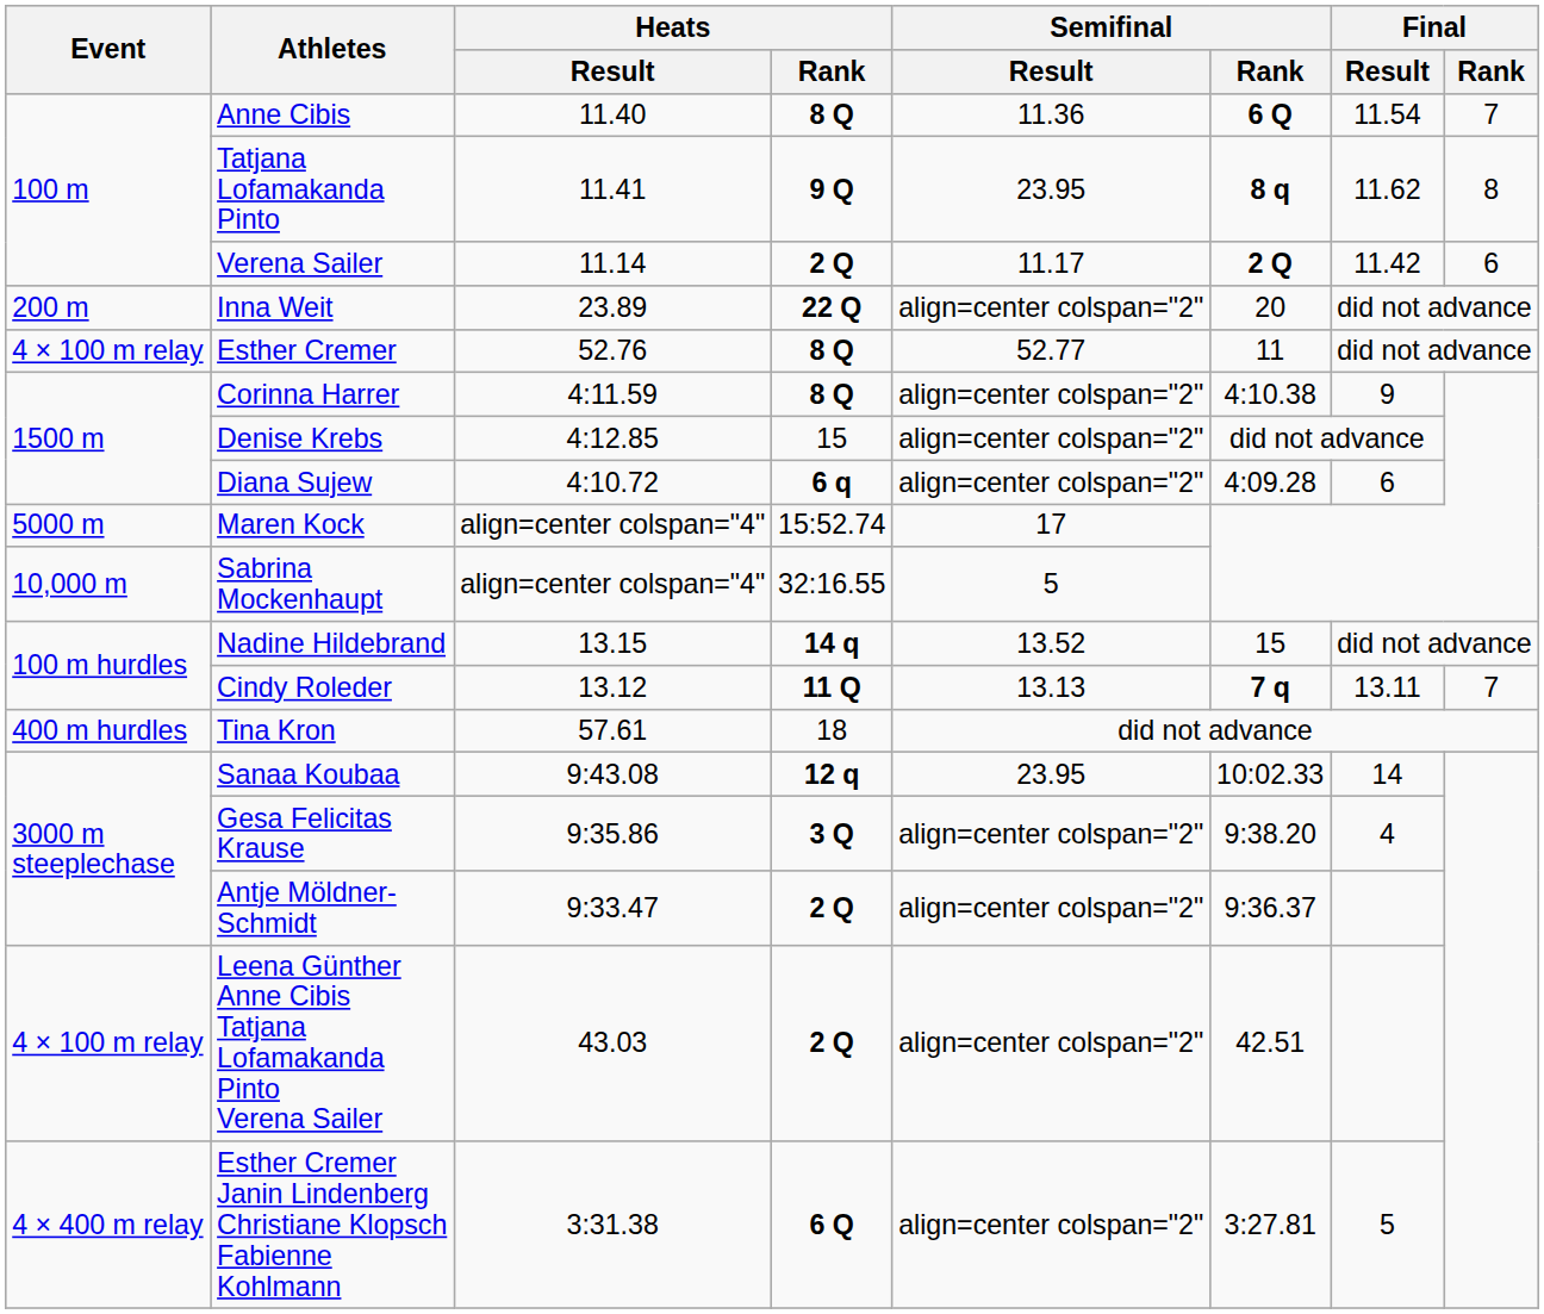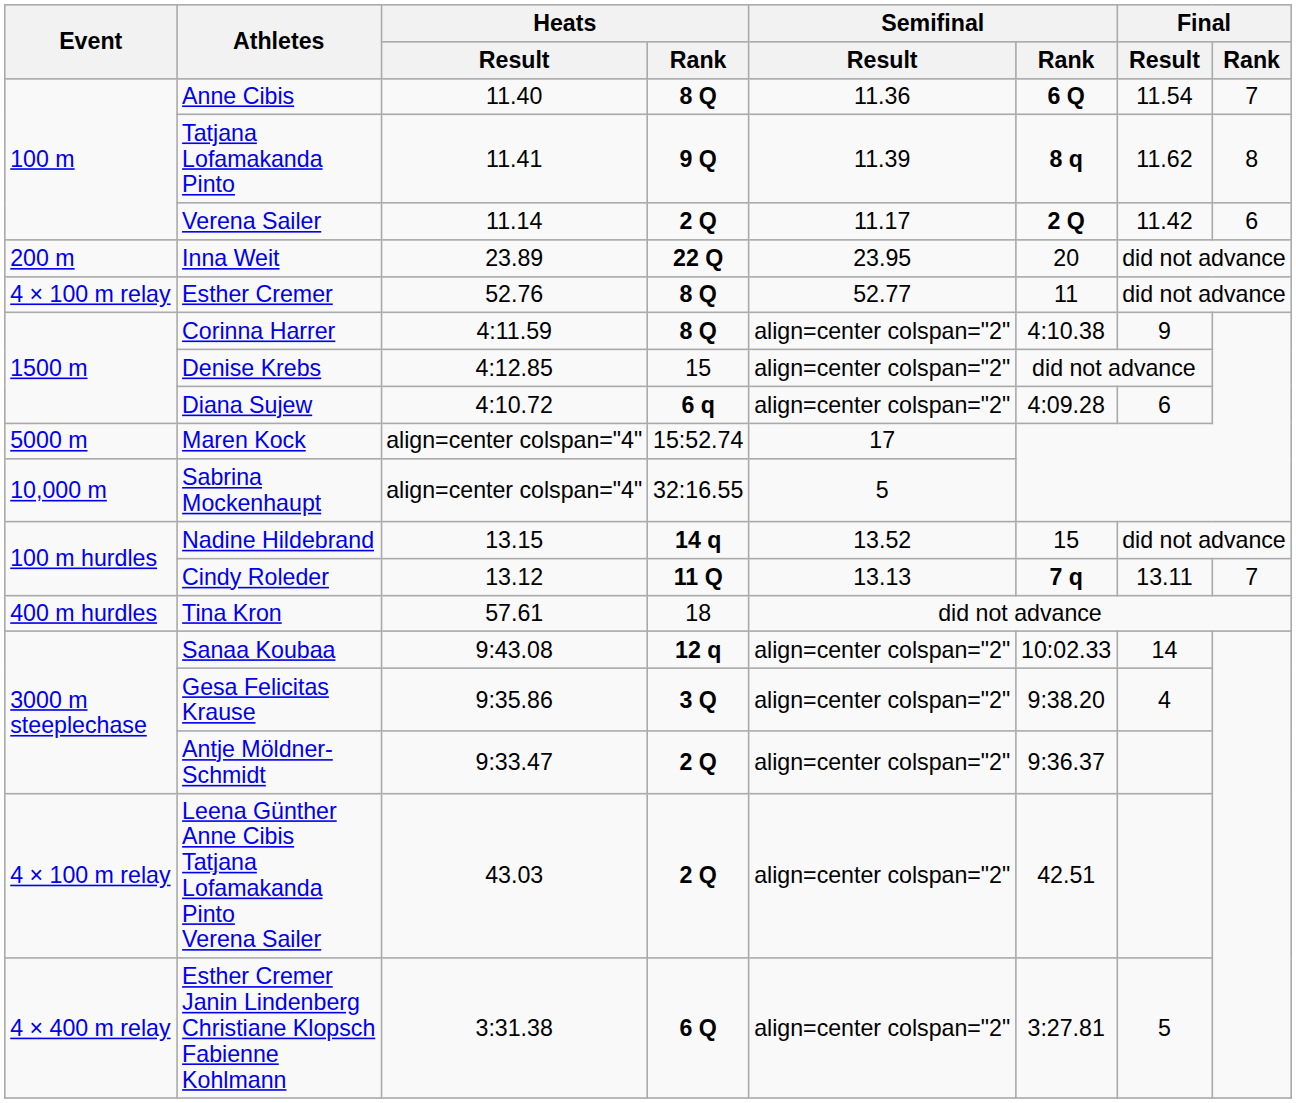 <table class="wikitable" border="1" style="font-size:90%">
 <tr>
 <th rowspan="2" width=100>Event</th>
 <th rowspan="2" width=120>Athletes</th>
 <th colspan="2">Heats</th>
 <th colspan="2">Semifinal</th>
 <th colspan="2">Final</th>
 </tr>
 <tr>
 <th>Result</th>
 <th>Rank</th>
 <th>Result</th>
 <th>Rank</th>
 <th>Result</th>
 <th>Rank</th>
 </tr>
 <tr>
 <td rowspan=3><a href='#'>100 m</a></td>
 <td><a href='#'>Anne Cibis</a></td>
 <td align=center>11.40</td>
 <td align=center><strong>8 Q</strong></td>
 <td align=center>11.36</td>
 <td align=center><strong>6 Q</strong></td>
 <td align=center>11.54</td>
 <td align=center>7</td>
 </tr>
 <tr>
 <td><a href='#'>Tatjana Lofamakanda Pinto</a></td>
 <td align=center>11.41</td>
 <td align=center><strong>9 Q</strong></td>
-<td align=center>23.95</td>
+<td align=center>11.39</td>
 <td align=center><strong>8 q</strong></td>
 <td align=center>11.62</td>
 <td align=center>8</td>
 </tr>
 <tr>
 <td><a href='#'>Verena Sailer</a></td>
 <td align=center>11.14</td>
 <td align=center><strong>2 Q</strong></td>
 <td align=center>11.17</td>
 <td align=center><strong>2 Q</strong></td>
 <td align=center>11.42</td>
 <td align=center>6</td>
 </tr>
 <tr>
 <td><a href='#'>200 m</a></td>
 <td><a href='#'>Inna Weit</a></td>
 <td align=center>23.89</td>
 <td align=center><strong>22 Q</strong></td>
-<td>align=center colspan="2" </td>
+<td align=center>23.95</td>
 <td align=center>20</td>
 <td align=center colspan="2">did not advance</td>
 </tr>
 <tr>
 <td><a href='#'>4 × 100 m relay</a></td>
 <td><a href='#'>Esther Cremer</a></td>
 <td align=center>52.76</td>
 <td align=center><strong>8 Q</strong></td>
 <td align=center>52.77</td>
 <td align=center>11</td>
 <td align=center colspan="2">did not advance</td>
 </tr>
 <tr>
 <td rowspan=3><a href='#'>1500 m</a></td>
 <td><a href='#'>Corinna Harrer</a></td>
 <td align=center>4:11.59</td>
 <td align=center><strong>8 Q</strong></td>
 <td>align=center colspan="2" </td>
 <td align=center>4:10.38</td>
 <td align=center>9</td>
 </tr>
 <tr>
 <td><a href='#'>Denise Krebs</a></td>
 <td align=center>4:12.85</td>
 <td align=center>15</td>
 <td>align=center colspan="2" </td>
 <td align=center colspan="2">did not advance</td>
 </tr>
 <tr>
 <td><a href='#'>Diana Sujew</a></td>
 <td align=center>4:10.72</td>
 <td align=center><strong>6 q</strong></td>
 <td>align=center colspan="2" </td>
 <td align=center>4:09.28</td>
 <td align=center>6</td>
 </tr>
 <tr>
 <td><a href='#'>5000 m</a></td>
 <td><a href='#'>Maren Kock</a></td>
 <td>align=center colspan="4" </td>
 <td align=center>15:52.74</td>
 <td align=center>17</td>
 </tr>
 <tr>
 <td><a href='#'>10,000 m</a></td>
 <td><a href='#'>Sabrina Mockenhaupt</a></td>
 <td>align=center colspan="4" </td>
 <td align=center>32:16.55</td>
 <td align=center>5</td>
 </tr>
 <tr>
 <td rowspan=2><a href='#'>100 m hurdles</a></td>
 <td><a href='#'>Nadine Hildebrand</a></td>
 <td align=center>13.15</td>
 <td align=center><strong>14 q</strong></td>
 <td align=center>13.52</td>
 <td align=center>15</td>
 <td align=center colspan="2">did not advance</td>
 </tr>
 <tr>
 <td><a href='#'>Cindy Roleder</a></td>
 <td align=center>13.12</td>
 <td align=center><strong>11 Q</strong></td>
 <td align=center>13.13</td>
 <td align=center><strong>7 q</strong></td>
 <td align=center>13.11</td>
 <td align=center>7</td>
 </tr>
 <tr>
 <td><a href='#'>400 m hurdles</a></td>
 <td><a href='#'>Tina Kron</a></td>
 <td align=center>57.61</td>
 <td align=center>18</td>
 <td align=center colspan="4">did not advance</td>
 </tr>
 <tr>
 <td rowspan=3><a href='#'>3000 m steeplechase</a></td>
 <td><a href='#'>Sanaa Koubaa</a></td>
 <td align=center>9:43.08</td>
 <td align=center><strong>12 q</strong></td>
-<td align=center>23.95</td>
+<td>align=center colspan="2" </td>
 <td align=center>10:02.33</td>
 <td align=center>14</td>
 </tr>
 <tr>
 <td><a href='#'>Gesa Felicitas Krause</a></td>
 <td align=center>9:35.86</td>
 <td align=center><strong>3 Q</strong></td>
 <td>align=center colspan="2" </td>
 <td align=center>9:38.20</td>
 <td align=center>4</td>
 </tr>
 <tr>
 <td><a href='#'>Antje Möldner-Schmidt</a></td>
 <td align=center>9:33.47</td>
 <td align=center><strong>2 Q</strong></td>
 <td>align=center colspan="2" </td>
 <td align=center>9:36.37</td>
 <td align=center></td>
 </tr>
 <tr>
 <td><a href='#'>4 × 100 m relay</a></td>
 <td><a href='#'>Leena Günther</a><br><a href='#'>Anne Cibis</a><br><a href='#'>Tatjana Lofamakanda Pinto</a><br><a href='#'>Verena Sailer</a></td>
 <td align=center>43.03</td>
 <td align=center><strong>2 Q</strong></td>
 <td>align=center colspan="2" </td>
 <td align=center>42.51</td>
 <td align=center></td>
 </tr>
 <tr>
 <td><a href='#'>4 × 400 m relay</a></td>
 <td><a href='#'>Esther Cremer</a><br><a href='#'>Janin Lindenberg</a><br><a href='#'>Christiane Klopsch</a><br><a href='#'>Fabienne Kohlmann</a></td>
 <td align=center>3:31.38</td>
 <td align=center><strong>6 Q</strong></td>
 <td>align=center colspan="2" </td>
 <td align=center>3:27.81</td>
 <td align=center>5</td>
 </tr>
 </table>
